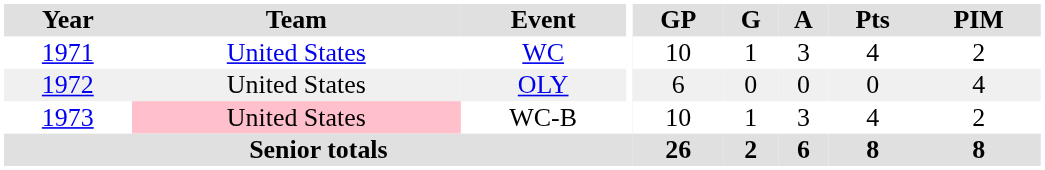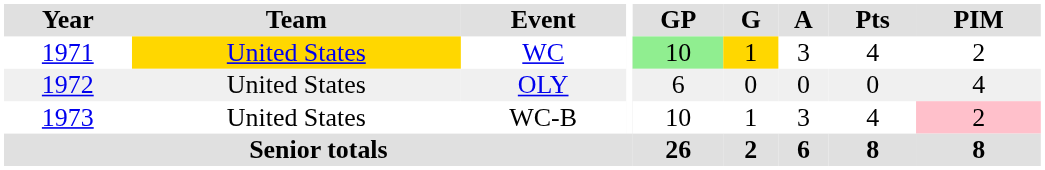 <table border="0" cellpadding="1" cellspacing="0" ID="Table3" style="text-align:center; width:40em">
 <tr bgcolor="#e0e0e0">
 <th>Year</th>
 <th>Team</th>
 <th>Event</th>
 <th rowspan="102" bgcolor="#ffffff"></th>
 <th>GP</th>
 <th>G</th>
 <th>A</th>
 <th>Pts</th>
 <th>PIM</th>
 </tr>
 <tr>
 <td><a href='#'>1971</a></td>
-<td><a href='#'>United States</a></td>
+<td style="background: gold;"><a href='#'>United States</a></td>
 <td><a href='#'>WC</a></td>
-<td>10</td>
-<td>1</td>
+<td style="background: lightgreen;">10</td>
+<td style="background: gold;">1</td>
 <td>3</td>
 <td>4</td>
 <td>2</td>
 </tr>
 <tr bgcolor="#f0f0f0">
 <td><a href='#'>1972</a></td>
 <td>United States</td>
 <td><a href='#'>OLY</a></td>
 <td>6</td>
 <td>0</td>
 <td>0</td>
 <td>0</td>
 <td>4</td>
 </tr>
 <tr>
 <td><a href='#'>1973</a></td>
-<td style="background: pink;">United States</td>
+<td>United States</td>
 <td>WC-B</td>
 <td>10</td>
 <td>1</td>
 <td>3</td>
 <td>4</td>
-<td>2</td>
+<td style="background: pink;">2</td>
 </tr>
 <tr bgcolor="#e0e0e0">
 <th colspan="4">Senior totals</th>
 <th>26</th>
 <th>2</th>
 <th>6</th>
 <th>8</th>
 <th>8</th>
 </tr>
 </table>
